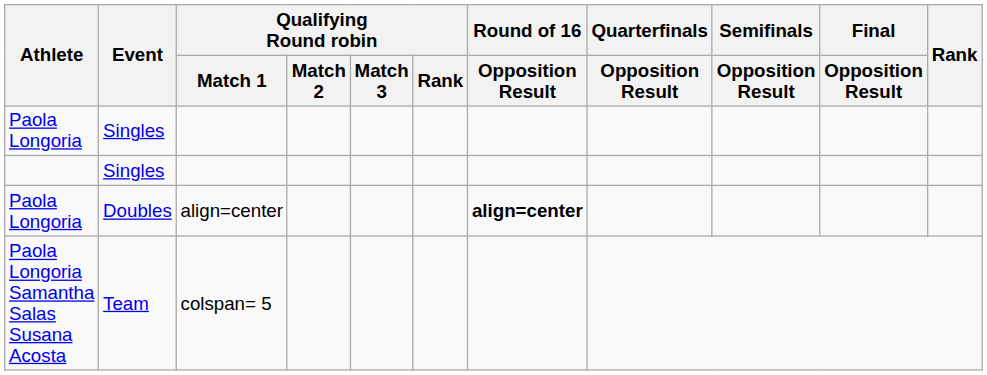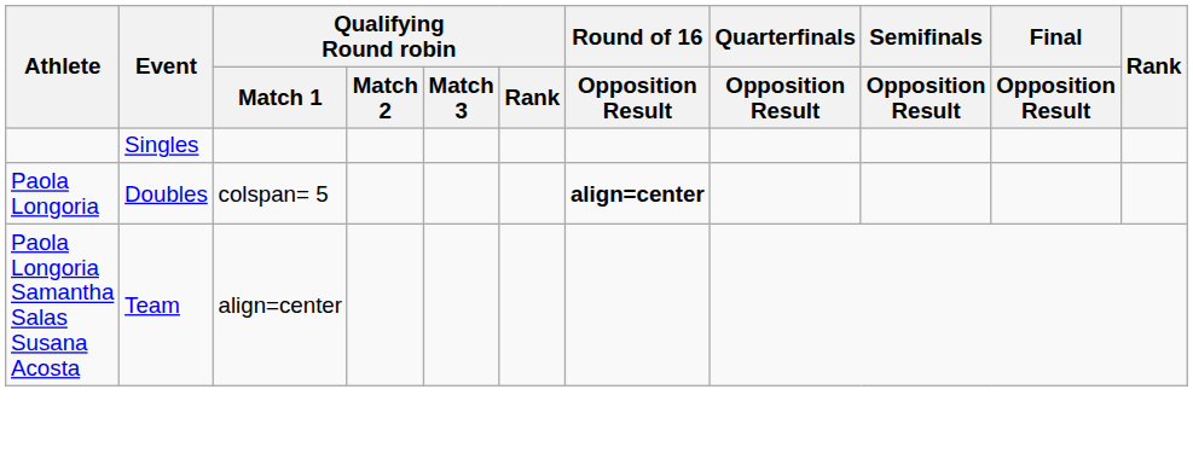 <table class="wikitable" style="font-size:90%">
 <tr>
 <th rowspan="2">Athlete</th>
 <th rowspan="2">Event</th>
 <th colspan="4">Qualifying<br>Round robin</th>
 <th>Round of 16</th>
 <th>Quarterfinals</th>
 <th>Semifinals</th>
 <th>Final</th>
 <th rowspan="2">Rank</th>
 </tr>
 <tr>
 <th>Match 1</th>
 <th>Match 2</th>
 <th>Match 3</th>
 <th>Rank</th>
 <th>Opposition<br>Result</th>
 <th>Opposition<br>Result</th>
 <th>Opposition<br>Result</th>
 <th>Opposition<br>Result</th>
 </tr>
 <tr>
-<td><a href='#'>Paola Longoria</a></td>
-<td><a href='#'>Singles</a></td>
-<td align=center></td>
-<td align=center></td>
-<td align=center></td>
-<td align=center></td>
-<td align=center></td>
-<td align=center></td>
-<td align=center></td>
-<td align=center></td>
-<td align=center></td>
-</tr>
-<tr>
 <td></td>
 <td><a href='#'>Singles</a></td>
 <td align=center></td>
 <td align=center></td>
 <td align=center></td>
 <td align=center></td>
 <td align=center></td>
 <td align=center></td>
 <td align=center></td>
 <td align=center></td>
 <td align=center></td>
 </tr>
 <tr>
 <td><a href='#'>Paola Longoria</a></td>
 <td><a href='#'>Doubles</a></td>
-<td>align=center </td>
+<td>colspan= 5 </td>
 <td align=center></td>
 <td align=center></td>
 <td align=center></td>
 <td><strong>align=center </strong></td>
 <td align=center></td>
 <td align=center></td>
 <td align=center></td>
 <td align=center></td>
 </tr>
 <tr>
 <td><a href='#'>Paola Longoria</a><br><a href='#'>Samantha Salas</a><br><a href='#'>Susana Acosta</a></td>
 <td><a href='#'>Team</a></td>
-<td>colspan= 5 </td>
+<td>align=center </td>
 <td align=center></td>
 <td align=center></td>
 <td align=center></td>
 <td align=center></td>
 </tr>
 </table>
